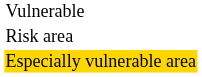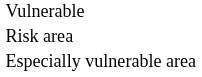 <table>
 <tr>
 <td> Vulnerable</td>
 </tr>
 <tr>
 <td> Risk area</td>
 </tr>
 <tr>
-<td style="background: gold;"> Especially vulnerable area</td>
+<td> Especially vulnerable area</td>
 </tr>
 </table>
